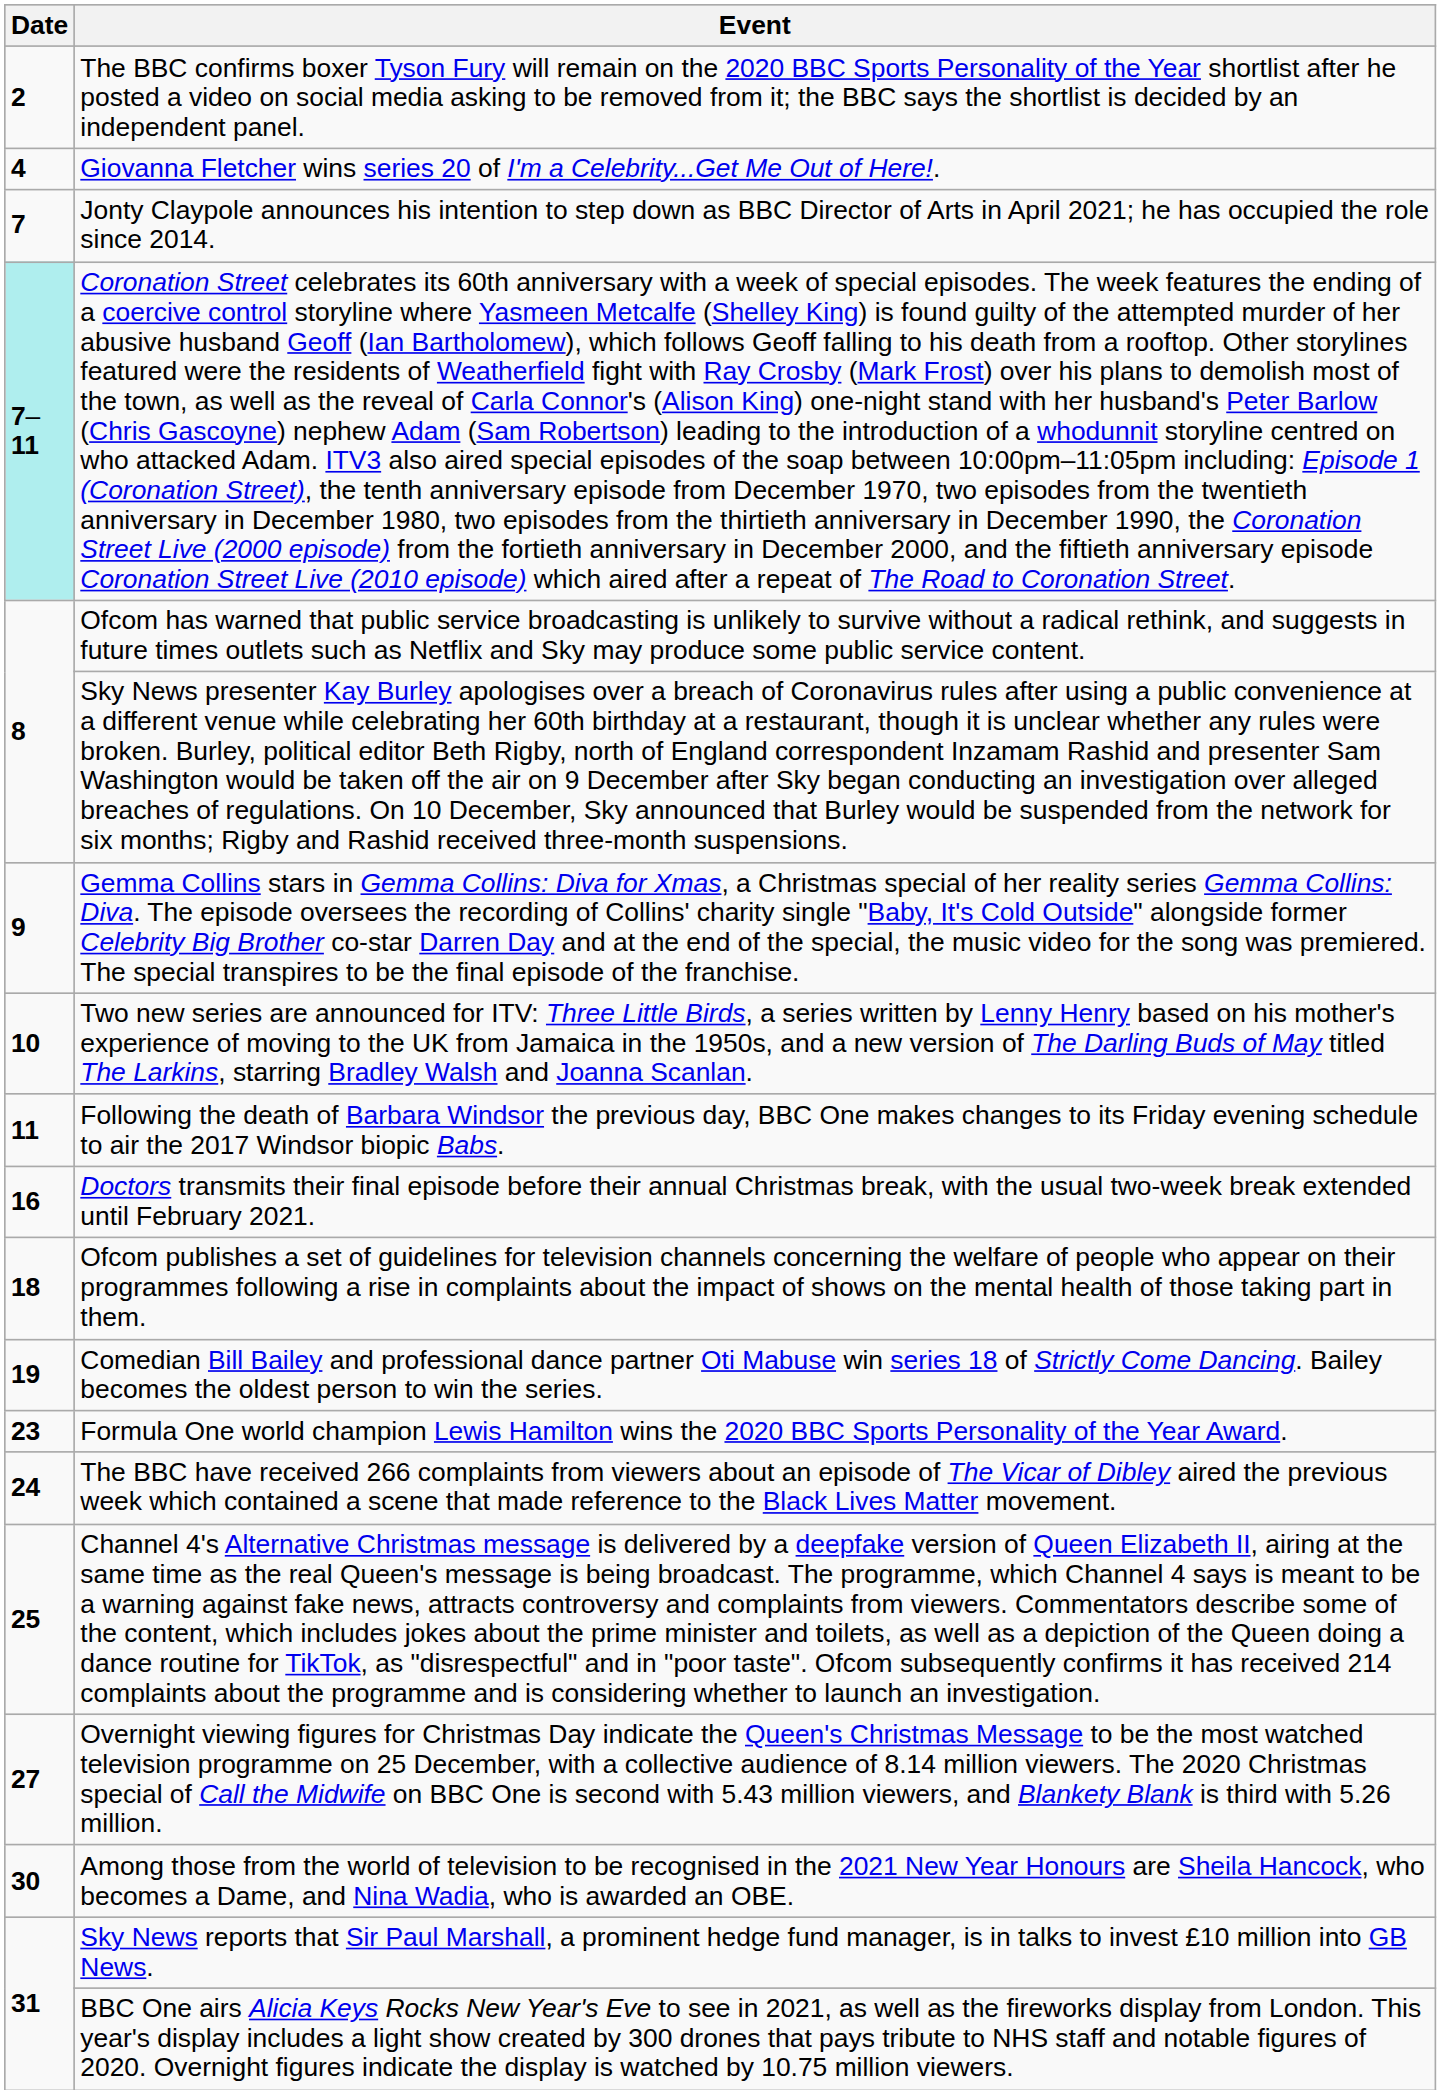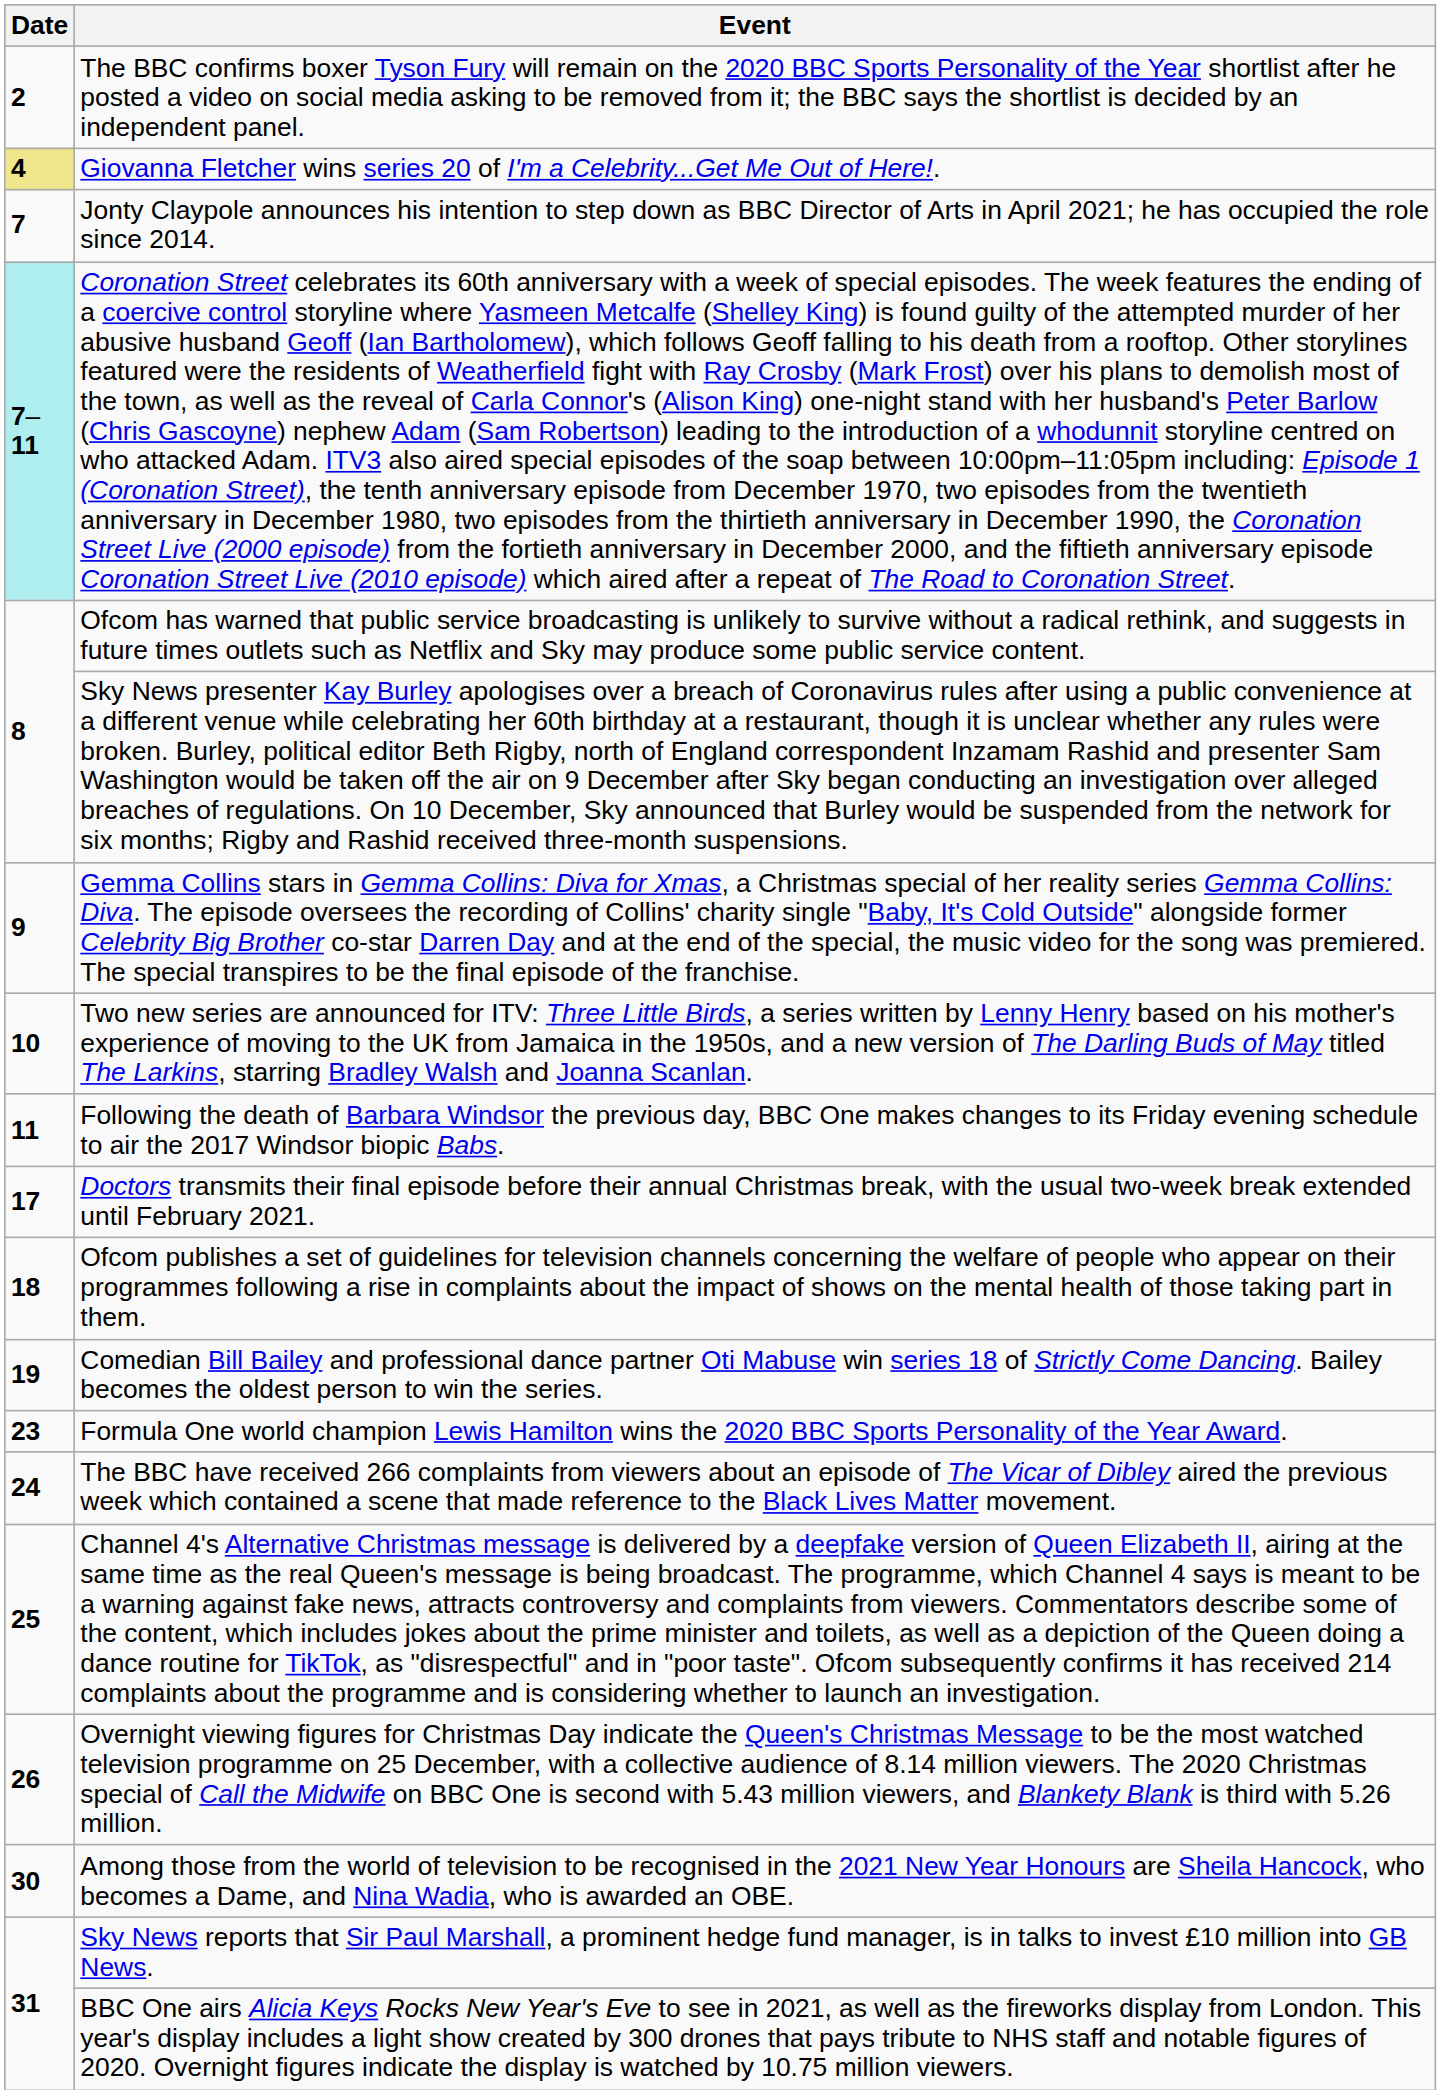 <table class="wikitable">
 <tr>
 <th>Date</th>
 <th>Event</th>
 </tr>
 <tr>
 <td><strong>2</strong></td>
 <td>The BBC confirms boxer <a href='#'>Tyson Fury</a> will remain on the <a href='#'>2020 BBC Sports Personality of the Year</a> shortlist after he posted a video on social media asking to be removed from it; the BBC says the shortlist is decided by an independent panel.</td>
 </tr>
 <tr>
-<td><strong>4</strong></td>
+<td style="background: khaki;"><strong>4</strong></td>
 <td><a href='#'>Giovanna Fletcher</a> wins <a href='#'>series 20</a> of <em><a href='#'>I'm a Celebrity...Get Me Out of Here!</a></em>.</td>
 </tr>
 <tr>
 <td><strong>7</strong></td>
 <td>Jonty Claypole announces his intention to step down as BBC Director of Arts in April 2021; he has occupied the role since 2014.</td>
 </tr>
 <tr>
 <td style="background: paleturquoise;"><strong>7</strong>–<strong>11</strong></td>
 <td><em><a href='#'>Coronation Street</a></em> celebrates its 60th anniversary with a week of special episodes. The week features the ending of a <a href='#'>coercive control</a> storyline where <a href='#'>Yasmeen Metcalfe</a> (<a href='#'>Shelley King</a>) is found guilty of the attempted murder of her abusive husband <a href='#'>Geoff</a> (<a href='#'>Ian Bartholomew</a>), which follows Geoff falling to his death from a rooftop. Other storylines featured were the residents of <a href='#'>Weatherfield</a> fight with <a href='#'>Ray Crosby</a> (<a href='#'>Mark Frost</a>) over his plans to demolish most of the town, as well as the reveal of <a href='#'>Carla Connor</a>'s (<a href='#'>Alison King</a>) one-night stand with her husband's <a href='#'>Peter Barlow</a> (<a href='#'>Chris Gascoyne</a>) nephew <a href='#'>Adam</a> (<a href='#'>Sam Robertson</a>) leading to the introduction of a <a href='#'>whodunnit</a> storyline centred on who attacked Adam. <a href='#'>ITV3</a> also aired special episodes of the soap between 10:00pm–11:05pm including: <em><a href='#'>Episode 1 (Coronation Street)</a></em>, the tenth anniversary episode from December 1970, two episodes from the twentieth anniversary in December 1980, two episodes from the thirtieth anniversary in December 1990, the <em><a href='#'>Coronation Street Live (2000 episode)</a></em> from the fortieth anniversary in December 2000, and the fiftieth anniversary episode <em><a href='#'>Coronation Street Live (2010 episode)</a></em> which aired after a repeat of <em><a href='#'>The Road to Coronation Street</a></em>.</td>
 </tr>
 <tr>
 <td rowspan=2><strong>8</strong></td>
 <td>Ofcom has warned that public service broadcasting is unlikely to survive without a radical rethink, and suggests in future times outlets such as Netflix and Sky may produce some public service content.</td>
 </tr>
 <tr>
 <td>Sky News presenter <a href='#'>Kay Burley</a> apologises over a breach of Coronavirus rules after using a public convenience at a different venue while celebrating her 60th birthday at a restaurant, though it is unclear whether any rules were broken. Burley, political editor Beth Rigby, north of England correspondent Inzamam Rashid and presenter Sam Washington would be taken off the air on 9 December after Sky began conducting an investigation over alleged breaches of regulations. On 10 December, Sky announced that Burley would be suspended from the network for six months; Rigby and Rashid received three-month suspensions.</td>
 </tr>
 <tr>
 <td><strong>9</strong></td>
 <td><a href='#'>Gemma Collins</a> stars in <em><a href='#'>Gemma Collins: Diva for Xmas</a></em>, a Christmas special of her reality series <em><a href='#'>Gemma Collins: Diva</a></em>. The episode oversees the recording of Collins' charity single "<a href='#'>Baby, It's Cold Outside</a>" alongside former <em><a href='#'>Celebrity Big Brother</a></em> co-star <a href='#'>Darren Day</a> and at the end of the special, the music video for the song was premiered. The special transpires to be the final episode of the franchise.</td>
 </tr>
 <tr>
 <td><strong>10</strong></td>
 <td>Two new series are announced for ITV: <em><a href='#'>Three Little Birds</a></em>, a series written by <a href='#'>Lenny Henry</a> based on his mother's experience of moving to the UK from Jamaica in the 1950s, and a new version of <em><a href='#'>The Darling Buds of May</a></em> titled <em><a href='#'>The Larkins</a></em>, starring <a href='#'>Bradley Walsh</a> and <a href='#'>Joanna Scanlan</a>.</td>
 </tr>
 <tr>
 <td><strong>11</strong></td>
 <td>Following the death of <a href='#'>Barbara Windsor</a> the previous day, BBC One makes changes to its Friday evening schedule to air the 2017 Windsor biopic <em><a href='#'>Babs</a></em>.</td>
 </tr>
 <tr>
-<td><strong>16</strong></td>
+<td><strong>17</strong></td>
 <td><em><a href='#'>Doctors</a></em> transmits their final episode before their annual Christmas break, with the usual two-week break extended until February 2021.</td>
 </tr>
 <tr>
 <td><strong>18</strong></td>
 <td>Ofcom publishes a set of guidelines for television channels concerning the welfare of people who appear on their programmes following a rise in complaints about the impact of shows on the mental health of those taking part in them.</td>
 </tr>
 <tr>
 <td><strong>19</strong></td>
 <td>Comedian <a href='#'>Bill Bailey</a> and professional dance partner <a href='#'>Oti Mabuse</a> win <a href='#'>series 18</a> of <em><a href='#'>Strictly Come Dancing</a></em>. Bailey becomes the oldest person to win the series.</td>
 </tr>
 <tr>
 <td><strong>23</strong></td>
 <td>Formula One world champion <a href='#'>Lewis Hamilton</a> wins the <a href='#'>2020 BBC Sports Personality of the Year Award</a>.</td>
 </tr>
 <tr>
 <td><strong>24</strong></td>
 <td>The BBC have received 266 complaints from viewers about an episode of <em><a href='#'>The Vicar of Dibley</a></em> aired the previous week which contained a scene that made reference to the <a href='#'>Black Lives Matter</a> movement.</td>
 </tr>
 <tr>
 <td><strong>25</strong></td>
 <td>Channel 4's <a href='#'>Alternative Christmas message</a> is delivered by a <a href='#'>deepfake</a> version of <a href='#'>Queen Elizabeth II</a>, airing at the same time as the real Queen's message is being broadcast. The programme, which Channel 4 says is meant to be a warning against fake news, attracts controversy and complaints from viewers. Commentators describe some of the content, which includes jokes about the prime minister and toilets, as well as a depiction of the Queen doing a dance routine for <a href='#'>TikTok</a>, as "disrespectful" and in "poor taste". Ofcom subsequently confirms it has received 214 complaints about the programme and is considering whether to launch an investigation.</td>
 </tr>
 <tr>
-<td><strong>27</strong></td>
+<td><strong>26</strong></td>
 <td>Overnight viewing figures for Christmas Day indicate the <a href='#'>Queen's Christmas Message</a> to be the most watched television programme on 25 December, with a collective audience of 8.14 million viewers. The 2020 Christmas special of <em><a href='#'>Call the Midwife</a></em> on BBC One is second with 5.43 million viewers, and <em><a href='#'>Blankety Blank</a></em> is third with 5.26 million.</td>
 </tr>
 <tr>
 <td><strong>30</strong></td>
 <td>Among those from the world of television to be recognised in the <a href='#'>2021 New Year Honours</a> are <a href='#'>Sheila Hancock</a>, who becomes a Dame, and <a href='#'>Nina Wadia</a>, who is awarded an OBE.</td>
 </tr>
 <tr>
 <td rowspan=2><strong>31</strong></td>
 <td><a href='#'>Sky News</a> reports that <a href='#'>Sir Paul Marshall</a>, a prominent hedge fund manager, is in talks to invest £10 million into <a href='#'>GB News</a>.</td>
 </tr>
 <tr>
 <td>BBC One airs <em><a href='#'>Alicia Keys</a> Rocks New Year's Eve</em> to see in 2021, as well as the fireworks display from London. This year's display includes a light show created by 300 drones that pays tribute to NHS staff and notable figures of 2020. Overnight figures indicate the display is watched by 10.75 million viewers.</td>
 </tr>
 </table>
